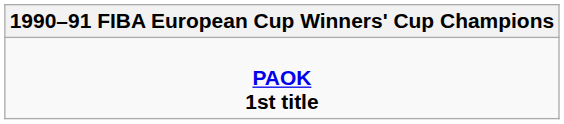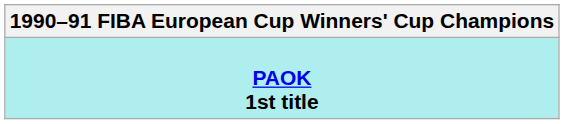 <table class=wikitable style="text-align:center; margin:auto">
 <tr>
 <th>1990–91 FIBA European Cup Winners' Cup Champions</th>
 </tr>
 <tr>
-<td><br> <strong><a href='#'>PAOK</a></strong><br><strong>1st title</strong></td>
+<td style="background: paleturquoise;"><br> <strong><a href='#'>PAOK</a></strong><br><strong>1st title</strong></td>
 </tr>
 </table>
